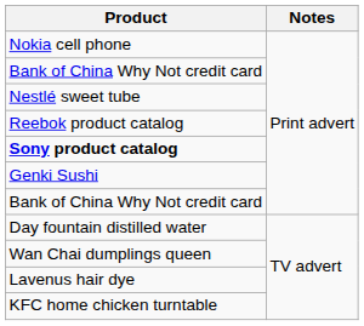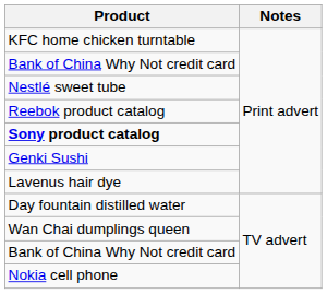 <table class="wikitable">
 <tr>
 <th>Product</th>
 <th>Notes</th>
 </tr>
 <tr>
-<td><a href='#'>Nokia</a> cell phone</td>
+<td>KFC home chicken turntable</td>
 <td rowspan="7">Print advert</td>
 </tr>
 <tr>
 <td><a href='#'>Bank of China</a> Why Not credit card</td>
 </tr>
 <tr>
 <td><a href='#'>Nestlé</a> sweet tube</td>
 </tr>
 <tr>
 <td><a href='#'>Reebok</a> product catalog</td>
 </tr>
 <tr>
 <td><strong><a href='#'>Sony</a> product catalog</strong></td>
 </tr>
 <tr>
 <td><a href='#'>Genki Sushi</a></td>
 </tr>
 <tr>
-<td>Bank of China Why Not credit card</td>
+<td>Lavenus hair dye</td>
 </tr>
 <tr>
 <td>Day fountain distilled water</td>
 <td rowspan="4">TV advert</td>
 </tr>
 <tr>
 <td>Wan Chai dumplings queen</td>
 </tr>
 <tr>
-<td>Lavenus hair dye</td>
+<td>Bank of China Why Not credit card</td>
 </tr>
 <tr>
-<td>KFC home chicken turntable</td>
+<td><a href='#'>Nokia</a> cell phone</td>
 </tr>
 </table>
